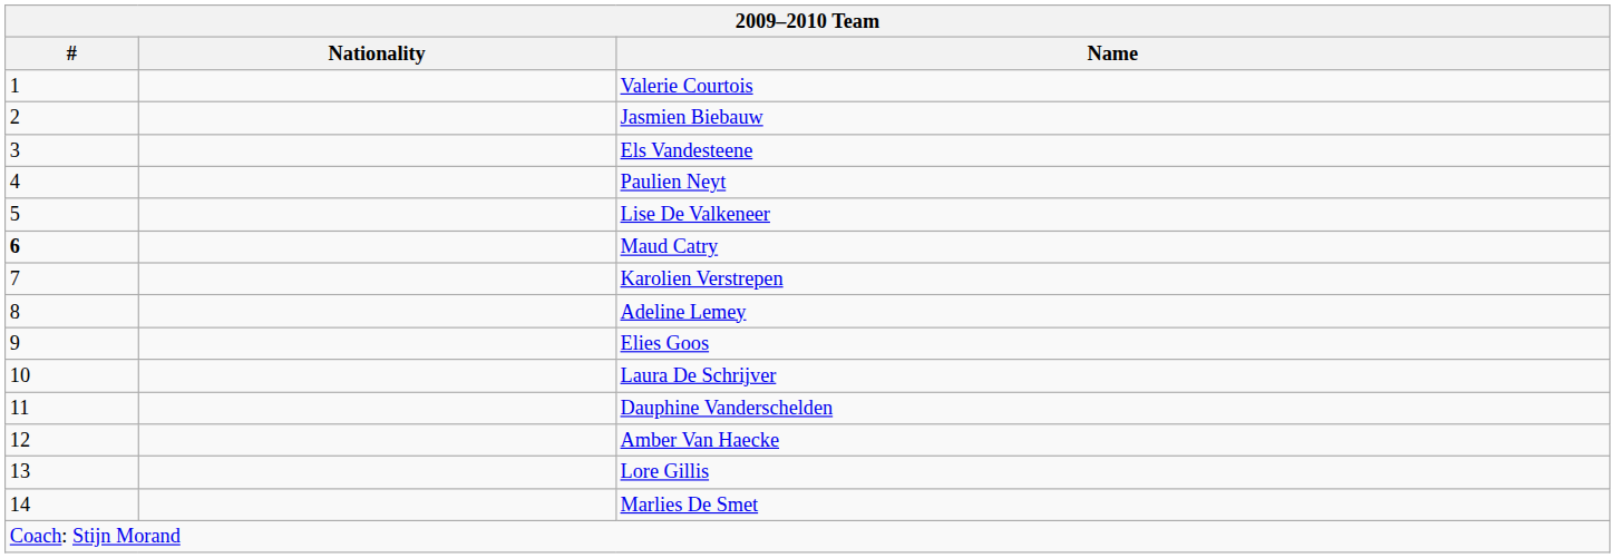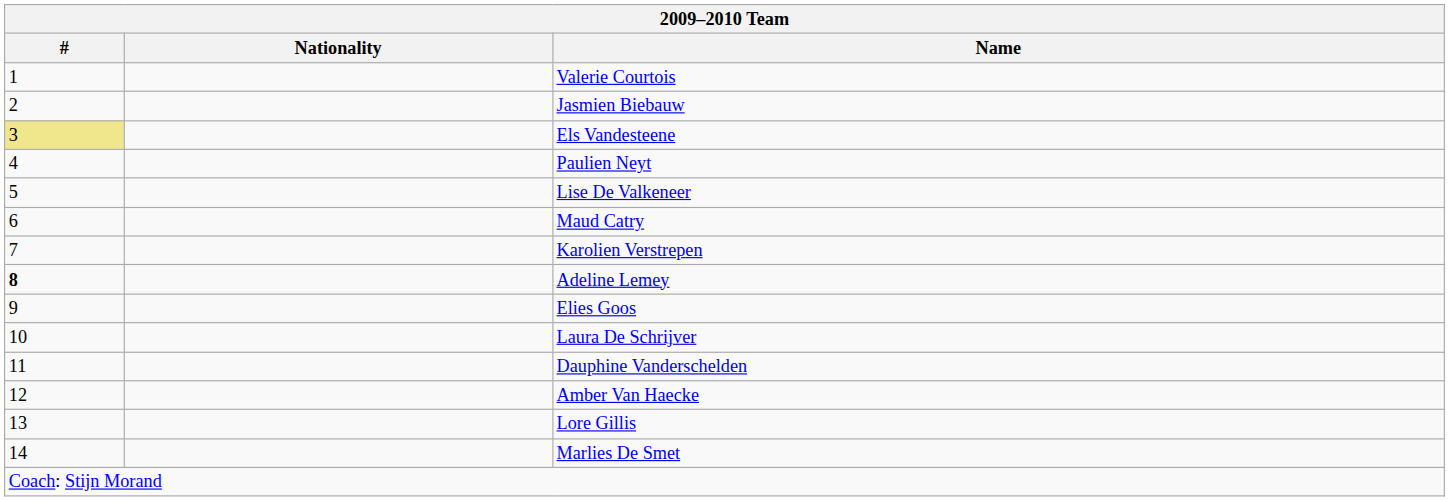 <table class="wikitable collapsible collapsed" style="width:100%;">
 <tr>
 <th colspan=3><strong>2009–2010 Team</strong></th>
 </tr>
 <tr>
 <th>#</th>
 <th>Nationality</th>
 <th>Name</th>
 </tr>
 <tr>
 <td>1</td>
 <td></td>
 <td><a href='#'>Valerie Courtois</a></td>
 </tr>
 <tr>
 <td>2</td>
 <td></td>
 <td><a href='#'>Jasmien Biebauw</a></td>
 </tr>
 <tr>
-<td>3</td>
+<td style="background: khaki;">3</td>
 <td></td>
 <td><a href='#'>Els Vandesteene</a></td>
 </tr>
 <tr>
 <td>4</td>
 <td></td>
 <td><a href='#'>Paulien Neyt</a></td>
 </tr>
 <tr>
 <td>5</td>
 <td></td>
 <td><a href='#'>Lise De Valkeneer</a></td>
 </tr>
 <tr>
-<td><strong>6</strong></td>
+<td>6</td>
 <td></td>
 <td><a href='#'>Maud Catry</a></td>
 </tr>
 <tr>
 <td>7</td>
 <td></td>
 <td><a href='#'>Karolien Verstrepen</a></td>
 </tr>
 <tr>
-<td>8</td>
+<td><strong>8</strong></td>
 <td></td>
 <td><a href='#'>Adeline Lemey</a></td>
 </tr>
 <tr>
 <td>9</td>
 <td></td>
 <td><a href='#'>Elies Goos</a></td>
 </tr>
 <tr>
 <td>10</td>
 <td></td>
 <td><a href='#'>Laura De Schrijver</a></td>
 </tr>
 <tr>
 <td>11</td>
 <td></td>
 <td><a href='#'>Dauphine Vanderschelden</a></td>
 </tr>
 <tr>
 <td>12</td>
 <td></td>
 <td><a href='#'>Amber Van Haecke</a></td>
 </tr>
 <tr>
 <td>13</td>
 <td></td>
 <td><a href='#'>Lore Gillis</a></td>
 </tr>
 <tr>
 <td>14</td>
 <td></td>
 <td><a href='#'>Marlies De Smet</a></td>
 </tr>
 <tr>
 <td colspan=3><a href='#'>Coach</a>:  <a href='#'>Stijn Morand</a></td>
 </tr>
 </table>
